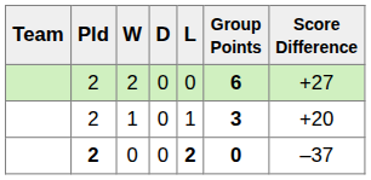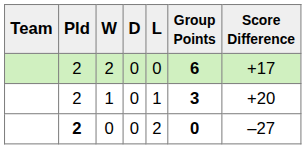 <table style=border-collapse:collapse border=1 cellspacing=0 cellpadding=5>
 <tr align=center bgcolor=#efefef>
 <th>Team</th>
 <th>Pld</th>
 <th>W</th>
 <th>D</th>
 <th>L</th>
 <th><small>Group<br>Points</small></th>
 <th><small>Score<br>Difference</small></th>
 </tr>
 <tr align=center style="background:#D0F0C0;">
 <td style="text-align:left;"> </td>
 <td>2</td>
 <td>2</td>
 <td>0</td>
 <td>0</td>
 <td><strong>6</strong></td>
-<td>+27</td>
+<td>+17</td>
 </tr>
 <tr align=center style="background:#ffffff;">
 <td style="text-align:left;"> </td>
 <td>2</td>
 <td>1</td>
 <td>0</td>
 <td>1</td>
 <td><strong>3</strong></td>
 <td>+20</td>
 </tr>
 <tr align=center style="background:#ffffff;">
 <td style="text-align:left;"> </td>
 <td><strong>2</strong></td>
 <td>0</td>
 <td>0</td>
-<td><strong>2</strong></td>
+<td>2</td>
 <td><strong>0</strong></td>
-<td>–37</td>
+<td>–27</td>
 </tr>
 </table>
